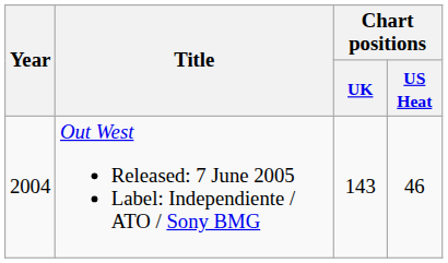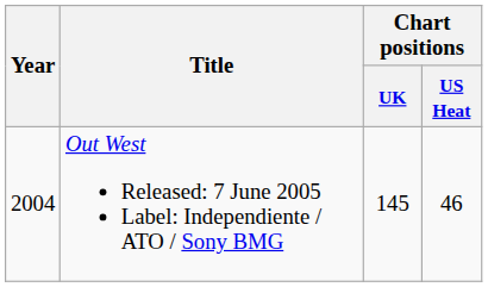 <table class="wikitable">
 <tr>
 <th rowspan="2">Year</th>
 <th rowspan="2" style="width:210px;">Title</th>
 <th colspan="2">Chart positions</th>
 </tr>
 <tr>
 <th style="width:35px;"><small><a href='#'>UK</a></small><br></th>
 <th style="width:35px;"><small><a href='#'>US Heat</a></small></th>
 </tr>
 <tr>
 <td>2004</td>
 <td><em><a href='#'>Out West</a></em><br><ul><li>Released: 7 June 2005</li><li>Label: Independiente / ATO / <a href='#'>Sony BMG</a></li></ul></td>
-<td style="text-align:center;">143</td>
+<td style="text-align:center;">145</td>
 <td style="text-align:center;">46</td>
 </tr>
 </table>
